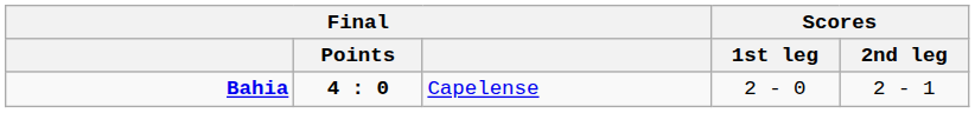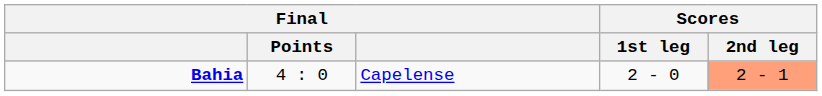 <table class="wikitable" style="text-align:center;">
 <tr>
 <th colspan=3>Final</th>
 <th colspan=3>Scores</th>
 </tr>
 <tr>
 <th width="175"></th>
 <th width="75">Points</th>
 <th width="175"></th>
 <th width="75">1st leg</th>
 <th width="75">2nd leg</th>
 </tr>
 <tr>
 <td align=right><strong><a href='#'>Bahia</a></strong></td>
-<td><strong>4 : 0</strong></td>
+<td>4 : 0</td>
 <td align=left><a href='#'>Capelense</a></td>
 <td>2 - 0</td>
-<td>2 - 1</td>
+<td style="background: lightsalmon;">2 - 1</td>
 </tr>
 </table>
